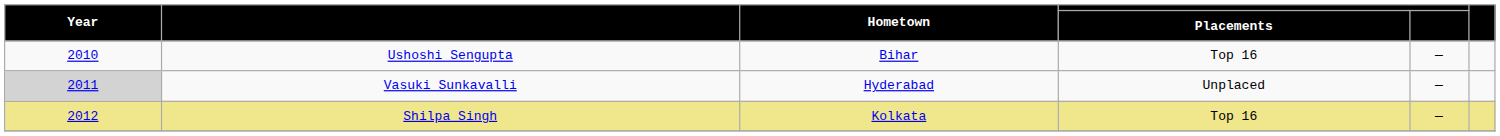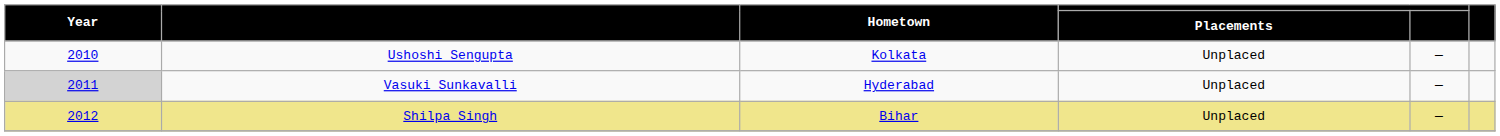 <table class="wikitable" style="text-align:center; line-height:20px; font-size:85%; width:100%;">
 <tr>
 <th rowspan="2" style="background-color:#000000; color:#FFFFFF;">Year</th>
 <th rowspan="2" style="background-color:#000000; color:#FFFFFF;"></th>
 <th rowspan="2" style="background-color:#000000; color:#FFFFFF;">Hometown</th>
 <th colspan="2" style="background-color:#000000; color:#FFFFFF;"></th>
 <th rowspan="2" style="background-color:#000000; color:#FFFFFF;"></th>
 </tr>
 <tr>
 <th style="background-color:#000000; color:#FFFFFF;">Placements</th>
 <th style="background-color:#000000; color:#FFFFFF;"></th>
 </tr>
 <tr>
 <td><a href='#'>2010</a></td>
 <td><a href='#'>Ushoshi Sengupta</a></td>
-<td><a href='#'>Bihar</a></td>
-<td>Top 16</td>
+<td><a href='#'>Kolkata</a></td>
+<td>Unplaced</td>
 <td>—</td>
 <td></td>
 </tr>
 <tr>
 <td style="background: lightgrey;"><a href='#'>2011</a></td>
 <td><a href='#'>Vasuki Sunkavalli</a></td>
 <td><a href='#'>Hyderabad</a></td>
 <td>Unplaced</td>
 <td>—</td>
 <td></td>
 </tr>
 <tr style="background-color:khaki;">
 <td><a href='#'>2012</a></td>
 <td><a href='#'>Shilpa Singh</a></td>
-<td><a href='#'>Kolkata</a></td>
-<td>Top 16</td>
+<td><a href='#'>Bihar</a></td>
+<td>Unplaced</td>
 <td>—</td>
 <td></td>
 </tr>
 <tr>
 </tr>
 </table>
